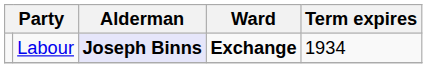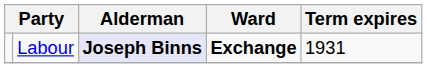 <table class="wikitable">
 <tr>
 <th colspan="2">Party</th>
 <th>Alderman</th>
 <th>Ward</th>
 <th>Term expires</th>
 </tr>
 <tr>
 <td style="background-color:"></td>
 <td><a href='#'>Labour</a></td>
 <td style="background: lavender;"><strong>Joseph Binns</strong></td>
 <td><strong>Exchange</strong></td>
-<td>1934</td>
+<td>1931</td>
 </tr>
 <tr>
 </tr>
 </table>
